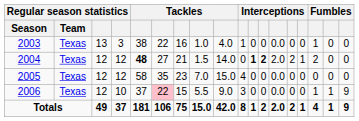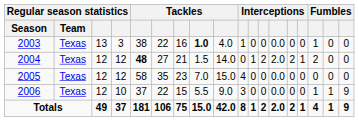 <table class="wikitable" style="text-align:center;">
 <tr>
 <th colspan="4">Regular season statistics</th>
 <th colspan="5">Tackles</th>
 <th colspan="6">Interceptions</th>
 <th colspan="3">Fumbles</th>
 </tr>
 <tr>
 <th>Season</th>
 <th>Team</th>
 <th></th>
 <th></th>
 <th></th>
 <th></th>
 <th></th>
 <th></th>
 <th></th>
 <th></th>
 <th></th>
 <th></th>
 <th></th>
 <th></th>
 <th></th>
 <th></th>
 <th></th>
 <th></th>
 </tr>
 <tr>
 <td><a href='#'>2003</a></td>
 <td><a href='#'>Texas</a></td>
 <td>13</td>
 <td>3</td>
 <td>38</td>
 <td>22</td>
 <td>16</td>
-<td>1.0</td>
+<td><strong>1.0</strong></td>
 <td>4.0</td>
 <td>1</td>
 <td>0</td>
 <td>0</td>
 <td>0.0</td>
 <td>0</td>
 <td>0</td>
 <td>1</td>
 <td>0</td>
 <td>0</td>
 </tr>
 <tr>
 <td><a href='#'>2004</a></td>
 <td><a href='#'>Texas</a></td>
 <td>12</td>
 <td>12</td>
 <td><strong>48</strong></td>
 <td>27</td>
 <td>21</td>
 <td>1.5</td>
 <td>14.0</td>
 <td>0</td>
-<td><strong>1</strong></td>
-<td><strong>2</strong></td>
+<td>1</td>
+<td>2</td>
 <td>2.0</td>
 <td>2</td>
 <td>1</td>
 <td>2</td>
 <td>0</td>
 <td>0</td>
 </tr>
 <tr>
 <td><a href='#'>2005</a></td>
 <td><a href='#'>Texas</a></td>
 <td>12</td>
 <td>12</td>
 <td>58</td>
 <td>35</td>
 <td>23</td>
 <td>7.0</td>
 <td>15.0</td>
 <td>4</td>
 <td>0</td>
 <td>0</td>
 <td>0.0</td>
 <td>0</td>
 <td>0</td>
 <td>0</td>
 <td>0</td>
 <td>0</td>
 </tr>
 <tr>
 <td><a href='#'>2006</a></td>
 <td><a href='#'>Texas</a></td>
 <td>12</td>
 <td>10</td>
 <td>37</td>
-<td style="background: pink;">22</td>
+<td>22</td>
 <td>15</td>
 <td>5.5</td>
 <td>9.0</td>
 <td>3</td>
 <td>0</td>
 <td>0</td>
 <td>0.0</td>
 <td>0</td>
 <td>0</td>
 <td>1</td>
 <td>1</td>
 <td>9</td>
 </tr>
 <tr>
 <td colspan="2"><strong>Totals</strong></td>
 <td><strong>49</strong></td>
 <td><strong>37</strong></td>
 <td><strong>181</strong></td>
 <td><strong>106</strong></td>
 <td><strong>75</strong></td>
 <td><strong>15.0</strong></td>
 <td><strong>42.0</strong></td>
 <td><strong>8</strong></td>
 <td><strong>1</strong></td>
 <td><strong>2</strong></td>
 <td><strong>2.0</strong></td>
 <td><strong>2</strong></td>
 <td><strong>1</strong></td>
 <td><strong>4</strong></td>
 <td><strong>1</strong></td>
 <td><strong>9</strong></td>
 </tr>
 </table>
